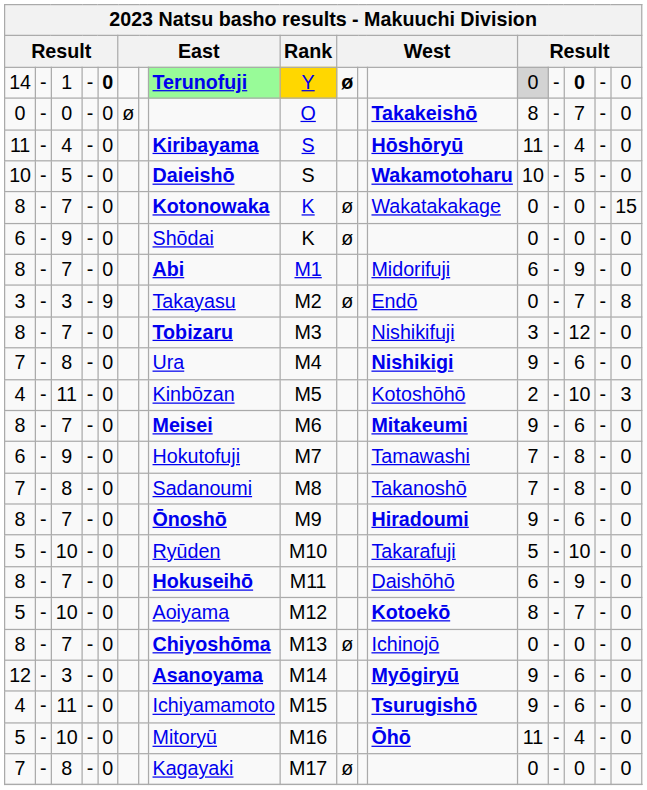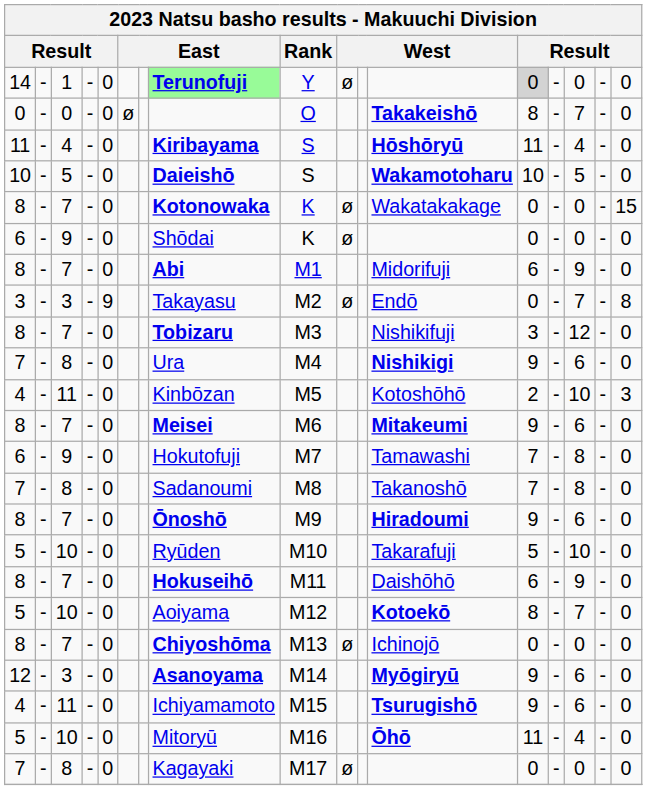 <table class="wikitable" style="text-align:center">
 <tr>
 <th colspan="17">2023 Natsu basho results - Makuuchi Division</th>
 </tr>
 <tr>
 <th colspan="5">Result</th>
 <th colspan="3">East</th>
 <th>Rank</th>
 <th colspan="3">West</th>
 <th colspan="5">Result</th>
 </tr>
 <tr>
 <td>14</td>
 <td>-</td>
 <td>1</td>
 <td>-</td>
-<td><strong>0</strong></td>
+<td>0</td>
 <td></td>
 <td></td>
 <td style="text-align:left; background:palegreen;"><strong><a href='#'>Terunofuji</a></strong></td>
-<td style="background: gold;"><a href='#'>Y</a></td>
-<td><strong>ø</strong></td>
+<td><a href='#'>Y</a></td>
+<td>ø</td>
 <td></td>
 <td></td>
 <td style="background: lightgrey;">0</td>
 <td>-</td>
-<td><strong>0</strong></td>
+<td>0</td>
 <td>-</td>
 <td>0</td>
 </tr>
 <tr>
 <td>0</td>
 <td>-</td>
 <td>0</td>
 <td>-</td>
 <td>0</td>
 <td>ø</td>
 <td></td>
 <td></td>
 <td><a href='#'>O</a></td>
 <td></td>
 <td></td>
 <td style="text-align:left;"><strong><a href='#'>Takakeishō</a></strong></td>
 <td>8</td>
 <td>-</td>
 <td>7</td>
 <td>-</td>
 <td>0</td>
 </tr>
 <tr>
 <td>11</td>
 <td>-</td>
 <td>4</td>
 <td>-</td>
 <td>0</td>
 <td></td>
 <td></td>
 <td style="text-align:left;"><strong><a href='#'>Kiribayama</a></strong></td>
 <td><a href='#'>S</a></td>
 <td></td>
 <td></td>
 <td style="text-align:left;"><strong><a href='#'>Hōshōryū</a></strong></td>
 <td>11</td>
 <td>-</td>
 <td>4</td>
 <td>-</td>
 <td>0</td>
 </tr>
 <tr>
 <td>10</td>
 <td>-</td>
 <td>5</td>
 <td>-</td>
 <td>0</td>
 <td></td>
 <td></td>
 <td style="text-align:left;"><strong><a href='#'>Daieishō</a></strong></td>
 <td>S</td>
 <td></td>
 <td></td>
 <td style="text-align:left;"><strong><a href='#'>Wakamotoharu</a></strong></td>
 <td>10</td>
 <td>-</td>
 <td>5</td>
 <td>-</td>
 <td>0</td>
 </tr>
 <tr>
 <td>8</td>
 <td>-</td>
 <td>7</td>
 <td>-</td>
 <td>0</td>
 <td></td>
 <td></td>
 <td style="text-align:left;"><strong><a href='#'>Kotonowaka</a></strong></td>
 <td><a href='#'>K</a></td>
 <td>ø</td>
 <td></td>
 <td style="text-align:left;"><a href='#'>Wakatakakage</a></td>
 <td>0</td>
 <td>-</td>
 <td>0</td>
 <td>-</td>
 <td>15</td>
 </tr>
 <tr>
 <td>6</td>
 <td>-</td>
 <td>9</td>
 <td>-</td>
 <td>0</td>
 <td></td>
 <td></td>
 <td style="text-align:left;"><a href='#'>Shōdai</a></td>
 <td>K</td>
 <td>ø</td>
 <td></td>
 <td></td>
 <td>0</td>
 <td>-</td>
 <td>0</td>
 <td>-</td>
 <td>0</td>
 </tr>
 <tr>
 <td>8</td>
 <td>-</td>
 <td>7</td>
 <td>-</td>
 <td>0</td>
 <td></td>
 <td></td>
 <td style="text-align:left;"><strong><a href='#'>Abi</a></strong></td>
 <td><a href='#'>M1</a></td>
 <td></td>
 <td></td>
 <td style="text-align:left;"><a href='#'>Midorifuji</a></td>
 <td>6</td>
 <td>-</td>
 <td>9</td>
 <td>-</td>
 <td>0</td>
 </tr>
 <tr>
 <td>3</td>
 <td>-</td>
 <td>3</td>
 <td>-</td>
 <td>9</td>
 <td></td>
 <td></td>
 <td style="text-align:left;"><a href='#'>Takayasu</a></td>
 <td>M2</td>
 <td>ø</td>
 <td></td>
 <td style="text-align:left;"><a href='#'>Endō</a></td>
 <td>0</td>
 <td>-</td>
 <td>7</td>
 <td>-</td>
 <td>8</td>
 </tr>
 <tr>
 <td>8</td>
 <td>-</td>
 <td>7</td>
 <td>-</td>
 <td>0</td>
 <td></td>
 <td></td>
 <td style="text-align:left;"><strong><a href='#'>Tobizaru</a> </strong></td>
 <td>M3</td>
 <td></td>
 <td></td>
 <td style="text-align:left;"><a href='#'>Nishikifuji</a></td>
 <td>3</td>
 <td>-</td>
 <td>12</td>
 <td>-</td>
 <td>0</td>
 </tr>
 <tr>
 <td>7</td>
 <td>-</td>
 <td>8</td>
 <td>-</td>
 <td>0</td>
 <td></td>
 <td></td>
 <td style="text-align:left;"><a href='#'>Ura</a></td>
 <td>M4</td>
 <td></td>
 <td></td>
 <td style="text-align:left;"><strong><a href='#'>Nishikigi</a> </strong></td>
 <td>9</td>
 <td>-</td>
 <td>6</td>
 <td>-</td>
 <td>0</td>
 </tr>
 <tr>
 <td>4</td>
 <td>-</td>
 <td>11</td>
 <td>-</td>
 <td>0</td>
 <td></td>
 <td></td>
 <td style="text-align:left;"><a href='#'>Kinbōzan</a></td>
 <td>M5</td>
 <td></td>
 <td></td>
 <td style="text-align:left;"><a href='#'>Kotoshōhō</a></td>
 <td>2</td>
 <td>-</td>
 <td>10</td>
 <td>-</td>
 <td>3</td>
 </tr>
 <tr>
 <td>8</td>
 <td>-</td>
 <td>7</td>
 <td>-</td>
 <td>0</td>
 <td></td>
 <td></td>
 <td style="text-align:left;"><strong><a href='#'>Meisei</a></strong></td>
 <td>M6</td>
 <td></td>
 <td></td>
 <td style="text-align:left;"><strong><a href='#'>Mitakeumi</a> </strong></td>
 <td>9</td>
 <td>-</td>
 <td>6</td>
 <td>-</td>
 <td>0</td>
 </tr>
 <tr>
 <td>6</td>
 <td>-</td>
 <td>9</td>
 <td>-</td>
 <td>0</td>
 <td></td>
 <td></td>
 <td style="text-align:left;"><a href='#'>Hokutofuji</a></td>
 <td>M7</td>
 <td></td>
 <td></td>
 <td style="text-align:left;"><a href='#'>Tamawashi</a></td>
 <td>7</td>
 <td>-</td>
 <td>8</td>
 <td>-</td>
 <td>0</td>
 </tr>
 <tr>
 <td>7</td>
 <td>-</td>
 <td>8</td>
 <td>-</td>
 <td>0</td>
 <td></td>
 <td></td>
 <td style="text-align:left;"><a href='#'>Sadanoumi</a></td>
 <td>M8</td>
 <td></td>
 <td></td>
 <td style="text-align:left;"><a href='#'>Takanoshō</a></td>
 <td>7</td>
 <td>-</td>
 <td>8</td>
 <td>-</td>
 <td>0</td>
 </tr>
 <tr>
 <td>8</td>
 <td>-</td>
 <td>7</td>
 <td>-</td>
 <td>0</td>
 <td></td>
 <td></td>
 <td style="text-align:left;"><strong><a href='#'>Ōnoshō</a></strong></td>
 <td>M9</td>
 <td></td>
 <td></td>
 <td style="text-align:left;"><strong><a href='#'>Hiradoumi</a></strong></td>
 <td>9</td>
 <td>-</td>
 <td>6</td>
 <td>-</td>
 <td>0</td>
 </tr>
 <tr>
 <td>5</td>
 <td>-</td>
 <td>10</td>
 <td>-</td>
 <td>0</td>
 <td></td>
 <td></td>
 <td style="text-align:left;"><a href='#'>Ryūden</a></td>
 <td>M10</td>
 <td></td>
 <td></td>
 <td style="text-align:left;"><a href='#'>Takarafuji</a></td>
 <td>5</td>
 <td>-</td>
 <td>10</td>
 <td>-</td>
 <td>0</td>
 </tr>
 <tr>
 <td>8</td>
 <td>-</td>
 <td>7</td>
 <td>-</td>
 <td>0</td>
 <td></td>
 <td></td>
 <td style="text-align:left;"><strong><a href='#'>Hokuseihō</a></strong></td>
 <td>M11</td>
 <td></td>
 <td></td>
 <td style="text-align:left;"><a href='#'>Daishōhō</a></td>
 <td>6</td>
 <td>-</td>
 <td>9</td>
 <td>-</td>
 <td>0</td>
 </tr>
 <tr>
 <td>5</td>
 <td>-</td>
 <td>10</td>
 <td>-</td>
 <td>0</td>
 <td></td>
 <td></td>
 <td style="text-align:left;"><a href='#'>Aoiyama</a></td>
 <td>M12</td>
 <td></td>
 <td></td>
 <td style="text-align:left;"><strong><a href='#'>Kotoekō</a></strong></td>
 <td>8</td>
 <td>-</td>
 <td>7</td>
 <td>-</td>
 <td>0</td>
 </tr>
 <tr>
 <td>8</td>
 <td>-</td>
 <td>7</td>
 <td>-</td>
 <td>0</td>
 <td></td>
 <td></td>
 <td style="text-align:left;"><strong><a href='#'>Chiyoshōma</a></strong></td>
 <td>M13</td>
 <td>ø</td>
 <td></td>
 <td style="text-align:left;"><a href='#'>Ichinojō</a></td>
 <td>0</td>
 <td>-</td>
 <td>0</td>
 <td>-</td>
 <td>0</td>
 </tr>
 <tr>
 <td>12</td>
 <td>-</td>
 <td>3</td>
 <td>-</td>
 <td>0</td>
 <td></td>
 <td></td>
 <td style="text-align:left;"><strong><a href='#'>Asanoyama</a></strong></td>
 <td>M14</td>
 <td></td>
 <td></td>
 <td style="text-align:left;"><strong><a href='#'>Myōgiryū</a></strong></td>
 <td>9</td>
 <td>-</td>
 <td>6</td>
 <td>-</td>
 <td>0</td>
 </tr>
 <tr>
 <td>4</td>
 <td>-</td>
 <td>11</td>
 <td>-</td>
 <td>0</td>
 <td></td>
 <td></td>
 <td style="text-align:left;"><a href='#'>Ichiyamamoto</a></td>
 <td>M15</td>
 <td></td>
 <td></td>
 <td style="text-align:left;"><strong><a href='#'>Tsurugishō</a></strong></td>
 <td>9</td>
 <td>-</td>
 <td>6</td>
 <td>-</td>
 <td>0</td>
 </tr>
 <tr>
 <td>5</td>
 <td>-</td>
 <td>10</td>
 <td>-</td>
 <td>0</td>
 <td></td>
 <td></td>
 <td style="text-align:left;"><a href='#'>Mitoryū</a></td>
 <td>M16</td>
 <td></td>
 <td></td>
 <td style="text-align:left;"><strong><a href='#'>Ōhō</a></strong></td>
 <td>11</td>
 <td>-</td>
 <td>4</td>
 <td>-</td>
 <td>0</td>
 </tr>
 <tr>
 <td>7</td>
 <td>-</td>
 <td>8</td>
 <td>-</td>
 <td>0</td>
 <td></td>
 <td></td>
 <td style="text-align:left;"><a href='#'>Kagayaki</a></td>
 <td>M17</td>
 <td>ø</td>
 <td></td>
 <td></td>
 <td>0</td>
 <td>-</td>
 <td>0</td>
 <td>-</td>
 <td>0</td>
 </tr>
 <tr>
 </tr>
 </table>
